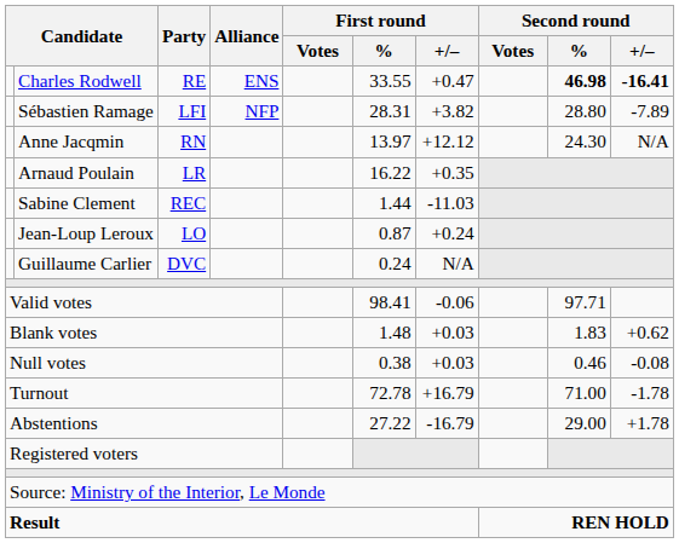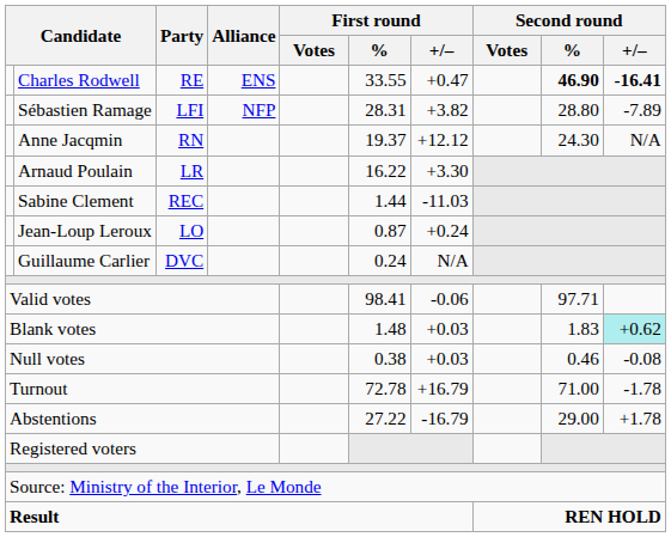 <table class="wikitable" style="text-align:right;font-size:95%;">
 <tr>
 <th rowspan="2" colspan="2">Candidate</th>
 <th rowspan="2">Party</th>
 <th rowspan="2">Alliance</th>
 <th colspan="3">First round</th>
 <th colspan="3">Second round</th>
 </tr>
 <tr>
 <th style="width:50px;">Votes</th>
 <th style="width:45px;">%</th>
 <th style="width:45px;">+/–</th>
 <th style="width:50px;">Votes</th>
 <th style="width:45px;">%</th>
 <th style="width:45px;">+/–</th>
 </tr>
 <tr>
 <td style="color:inherit;background:"></td>
 <td style="text-align:left;"><a href='#'>Charles Rodwell</a></td>
 <td><a href='#'>RE</a></td>
 <td><a href='#'>ENS</a></td>
 <td></td>
 <td>33.55</td>
 <td>+0.47</td>
 <td><strong></strong></td>
-<td><strong>46.98</strong></td>
+<td><strong>46.90</strong></td>
 <td><strong>-16.41</strong></td>
 </tr>
 <tr>
 <td style="color:inherit;background:"></td>
 <td style="text-align:left;">Sébastien Ramage</td>
 <td><a href='#'>LFI</a></td>
 <td><a href='#'>NFP</a></td>
 <td></td>
 <td>28.31</td>
 <td>+3.82</td>
 <td></td>
 <td>28.80</td>
 <td>-7.89</td>
 </tr>
 <tr>
 <td style="color:inherit;background:"></td>
 <td style="text-align:left;">Anne Jacqmin</td>
 <td><a href='#'>RN</a></td>
 <td></td>
 <td></td>
-<td>13.97</td>
+<td>19.37</td>
 <td>+12.12</td>
 <td></td>
 <td>24.30</td>
 <td>N/A</td>
 </tr>
 <tr>
 <td style="color:inherit;background:"></td>
 <td style="text-align:left;">Arnaud Poulain</td>
 <td><a href='#'>LR</a></td>
 <td></td>
 <td></td>
 <td>16.22</td>
-<td>+0.35</td>
+<td>+3.30</td>
 <td colspan="3" style="background:#E9E9E9;"></td>
 </tr>
 <tr>
 <td style="color:inherit;background:"></td>
 <td style="text-align:left;">Sabine Clement</td>
 <td><a href='#'>REC</a></td>
 <td></td>
 <td></td>
 <td>1.44</td>
 <td>-11.03</td>
 <td colspan="3" style="background:#E9E9E9;"></td>
 </tr>
 <tr>
 <td style="color:inherit;background:"></td>
 <td style="text-align:left;">Jean-Loup Leroux</td>
 <td><a href='#'>LO</a></td>
 <td></td>
 <td></td>
 <td>0.87</td>
 <td>+0.24</td>
 <td colspan="3" style="background:#E9E9E9;"></td>
 </tr>
 <tr>
 <td style="color:inherit;background:"></td>
 <td style="text-align:left;">Guillaume Carlier</td>
 <td><a href='#'>DVC</a></td>
 <td></td>
 <td></td>
 <td>0.24</td>
 <td>N/A</td>
 <td colspan="3" style="background:#E9E9E9;"></td>
 </tr>
 <tr>
 <td colspan="10" style="background:#E9E9E9;"></td>
 </tr>
 <tr>
 <td colspan="4" style="text-align:left;">Valid votes</td>
 <td></td>
 <td>98.41</td>
 <td>-0.06</td>
 <td></td>
 <td>97.71</td>
 </tr>
 <tr 0.70>
 </tr>
 <tr>
 <td colspan="4" style="text-align:left;">Blank votes</td>
 <td></td>
 <td>1.48</td>
 <td>+0.03</td>
 <td></td>
 <td>1.83</td>
-<td>+0.62</td>
+<td style="background: paleturquoise;">+0.62</td>
 </tr>
 <tr>
 <td colspan="4" style="text-align:left;">Null votes</td>
 <td></td>
 <td>0.38</td>
 <td>+0.03</td>
 <td></td>
 <td>0.46</td>
 <td>-0.08</td>
 </tr>
 <tr>
 <td colspan="4" style="text-align:left;">Turnout</td>
 <td></td>
 <td>72.78</td>
 <td>+16.79</td>
 <td></td>
 <td>71.00</td>
 <td>-1.78</td>
 </tr>
 <tr>
 <td colspan="4" style="text-align:left;">Abstentions</td>
 <td></td>
 <td>27.22</td>
 <td>-16.79</td>
 <td></td>
 <td>29.00</td>
 <td>+1.78</td>
 </tr>
 <tr>
 <td colspan="4" style="text-align:left;">Registered voters</td>
 <td></td>
 <td colspan="2" style="background:#E9E9E9;"></td>
 <td></td>
 <td colspan="2" style="background:#E9E9E9;"></td>
 </tr>
 <tr>
 <td colspan="10" style="background:#E9E9E9;"></td>
 </tr>
 <tr>
 <td colspan="10" style="text-align:left;">Source: <a href='#'>Ministry of the Interior</a>, <a href='#'>Le Monde</a></td>
 </tr>
 <tr>
 </tr>
 <tr style="font-weight:bold">
 <td colspan="7" style="text-align:left;">Result</td>
 <td colspan="7" style="background-color:">REN HOLD</td>
 </tr>
 </table>
